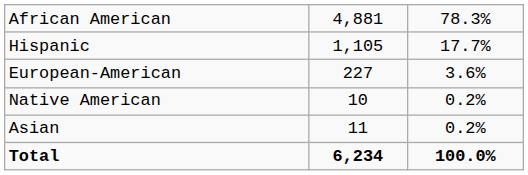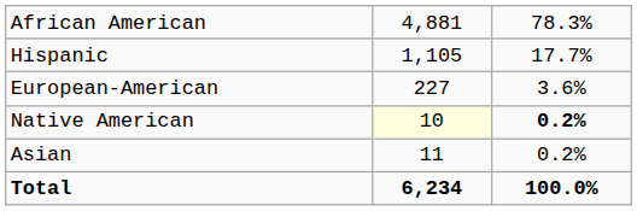 <table class="wikitable" width=400>
 <tr>
 <td>African American</td>
 <td align=center>4,881</td>
 <td align=center>78.3%</td>
 </tr>
 <tr>
 <td>Hispanic</td>
 <td align=center>1,105</td>
 <td align=center>17.7%</td>
 </tr>
 <tr>
 <td>European-American</td>
 <td align=center>227</td>
 <td align=center>3.6%</td>
 </tr>
 <tr>
 <td>Native American</td>
-<td align=center>10</td>
-<td align=center>0.2%</td>
+<td align=center style="background: lightyellow;">10</td>
+<td align=center><strong>0.2%</strong></td>
 </tr>
 <tr>
 <td>Asian</td>
 <td align=center>11</td>
 <td align=center>0.2%</td>
 </tr>
 <tr>
 <td><strong>Total</strong></td>
 <td align=center><strong>6,234</strong></td>
 <td align=center><strong>100.0%</strong></td>
 </tr>
 </table>
